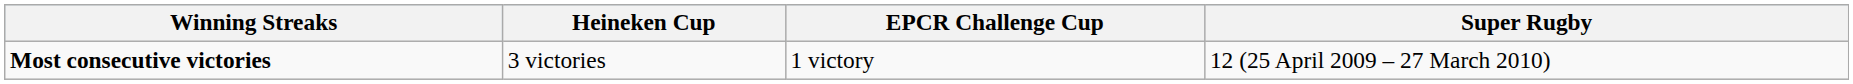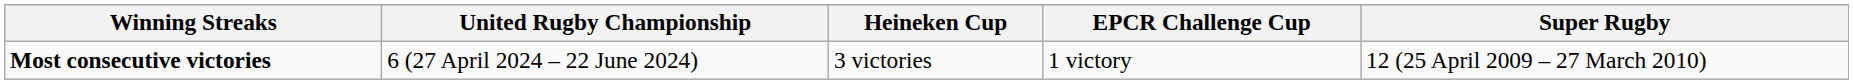 <table class="wikitable" width="100%">
 <tr style="background:#BCD4E6">
 <th>Winning Streaks</th>
+<th>United Rugby Championship</th>
 <th>Heineken Cup</th>
 <th>EPCR Challenge Cup</th>
 <th>Super Rugby</th>
 </tr>
 <tr>
 <td><strong>Most consecutive victories</strong></td>
+<td>6 (27 April 2024 – 22 June 2024)</td>
 <td>3 victories</td>
 <td>1 victory</td>
 <td>12 (25 April 2009 – 27 March 2010)</td>
 </tr>
 </table>
